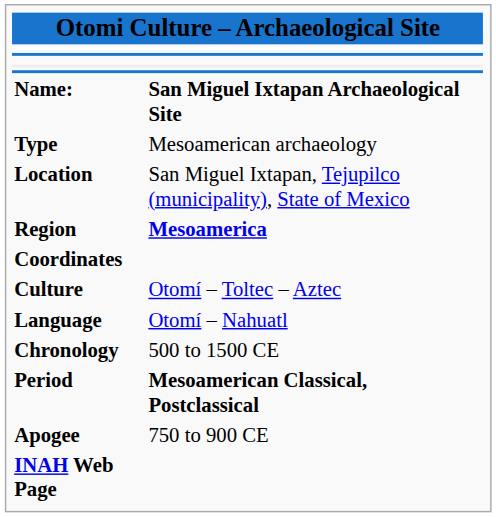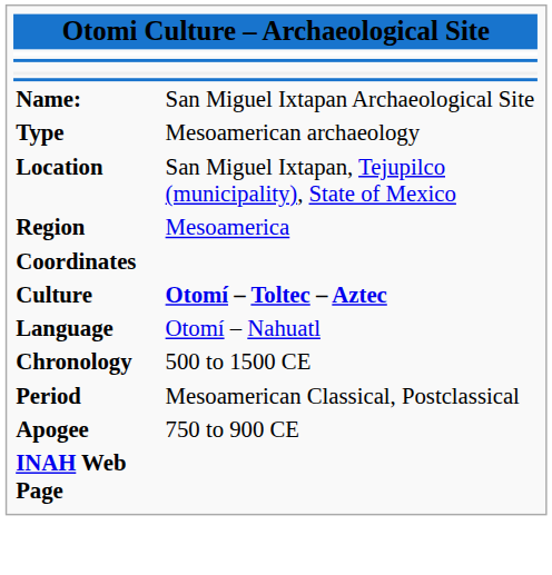 <table class="infobox" style="font-size:90%; text-align:left; width:23.5em">
 <tr>
 <td colspan="3" bgcolor=#1874CD style="text-align: center; font-size: larger;"><span><strong> Otomi Culture – Archaeological Site</strong></span></td>
 </tr>
 <tr style="vertical-align: top; text-align: center;">
 <td colspan=3 bgcolor="#FFFFFF" align="center"></td>
 </tr>
 <tr>
 <td colspan="2" bgcolor=#1874CD></td>
 </tr>
 <tr>
 <td colspan=2></td>
 </tr>
 <tr>
 <td style="background:#efefef;"align="center" colspan="2"></td>
 </tr>
 <tr>
 <td colspan="2" bgcolor=#1874CD></td>
 </tr>
 <tr>
 <td><strong>Name:</strong></td>
-<td><strong><span> San Miguel Ixtapan Archaeological Site</span></strong></td>
+<td><span> San Miguel Ixtapan Archaeological Site</span></td>
 </tr>
 <tr>
 <td><strong>Type</strong></td>
 <td>Mesoamerican archaeology</td>
 </tr>
 <tr>
 <td><strong>Location</strong></td>
 <td>San Miguel Ixtapan, <a href='#'>Tejupilco (municipality)</a>, <a href='#'>State of Mexico</a> <br></td>
 </tr>
 <tr>
 <td><strong>Region</strong></td>
-<td><strong><a href='#'>Mesoamerica</a></strong></td>
+<td><a href='#'>Mesoamerica</a></td>
 </tr>
 <tr>
 <td><strong>Coordinates</strong></td>
 <td></td>
 </tr>
 <tr>
 <td><strong>Culture</strong></td>
-<td><a href='#'>Otomí</a> – <a href='#'>Toltec</a> – <a href='#'>Aztec</a></td>
+<td><strong><a href='#'>Otomí</a> – <a href='#'>Toltec</a> – <a href='#'>Aztec</a></strong></td>
 </tr>
 <tr>
 <td><strong>Language</strong></td>
 <td><a href='#'>Otomí</a> – <a href='#'>Nahuatl</a></td>
 </tr>
 <tr>
 <td><strong>Chronology</strong></td>
 <td>500 to 1500 CE</td>
 </tr>
 <tr>
 <td><strong>Period</strong></td>
-<td><strong>Mesoamerican Classical, Postclassical</strong></td>
+<td>Mesoamerican Classical, Postclassical</td>
 </tr>
 <tr>
 <td><strong>Apogee</strong></td>
 <td>750 to 900 CE</td>
 </tr>
 <tr>
 <td><strong><a href='#'>INAH</a> Web Page</strong></td>
 <td></td>
 </tr>
 </table>
